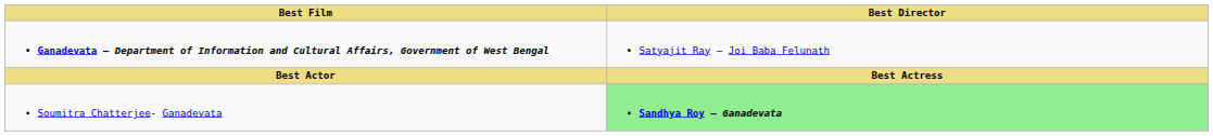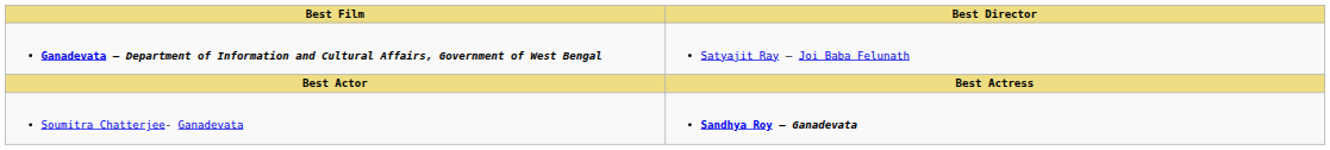 <table class="wikitable" width="100%"  |>
 <tr>
 <th !  style="background:#eedd82; text-align:center; width:50%;">Best Film</th>
 <th !  style="background:#eedd82; text-align:center; width:50%;">Best Director</th>
 </tr>
 <tr>
 <td valign="top"><br><ul><li><strong><a href='#'>Ganadevata</a> – <em>Department of Information and Cultural Affairs, Government of West Bengal<strong><em></li></ul></td>
 <td valign="top"><br><ul><li></strong><a href='#'>Satyajit Ray</a> – </em><a href='#'>Joi Baba Felunath</a><em> <strong></li></ul></td>
 </tr>
 <tr>
 <th ! style="background:#eedd82; text-align:center;">Best Actor</th>
 <th ! style="background:#eedd82; text-align:center;">Best Actress</th>
 </tr>
 <tr>
 <td><br><ul><li></strong><a href='#'>Soumitra Chatterjee</a>- </em><a href='#'>Ganadevata</a></em></strong></li></ul></td>
-<td style="background: lightgreen;"><br><ul><li><strong><a href='#'>Sandhya Roy</a> – <em>Ganadevata<strong><em></li></ul></td>
+<td><br><ul><li><strong><a href='#'>Sandhya Roy</a> – <em>Ganadevata<strong><em></li></ul></td>
 </tr>
 </table>
